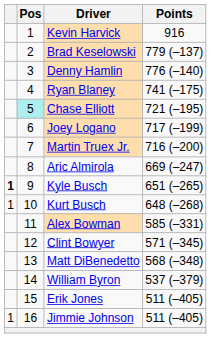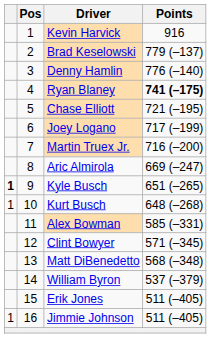 <table class="wikitable" style="font-size: 95%">
 <tr>
 <th></th>
 <th>Pos</th>
 <th>Driver</th>
 <th>Points</th>
 </tr>
 <tr>
 <td align="left"></td>
 <td style="text-align:center;">1</td>
 <td style="background:#FFDEAD;"><a href='#'>Kevin Harvick</a></td>
 <td style="text-align:center;">916</td>
 </tr>
 <tr>
 <td align="left"></td>
 <td style="text-align:center;">2</td>
 <td style="background:#FFDEAD;"><a href='#'>Brad Keselowski</a></td>
 <td style="text-align:center;">779 (–137)</td>
 </tr>
 <tr>
 <td align="left"></td>
 <td style="text-align:center;">3</td>
 <td style="background:#FFDEAD;"><a href='#'>Denny Hamlin</a></td>
 <td style="text-align:center;">776 (–140)</td>
 </tr>
 <tr>
 <td align="left"></td>
 <td style="text-align:center;">4</td>
 <td style="background:#FFDEAD;"><a href='#'>Ryan Blaney</a></td>
-<td style="text-align:center;">741 (–175)</td>
+<td style="text-align:center;"><strong>741 (–175)</strong></td>
 </tr>
 <tr>
 <td align="left"></td>
-<td style="background: paleturquoise; text-align:center;">5</td>
+<td style="text-align:center;">5</td>
 <td style="background:#FFDEAD;"><a href='#'>Chase Elliott</a></td>
 <td style="text-align:center;">721 (–195)</td>
 </tr>
 <tr>
 <td align="left"></td>
 <td style="text-align:center;">6</td>
 <td style="background:#FFDEAD;"><a href='#'>Joey Logano</a></td>
 <td style="text-align:center;">717 (–199)</td>
 </tr>
 <tr>
 <td align="left"></td>
 <td style="text-align:center;">7</td>
 <td style="background:#FFDEAD;"><a href='#'>Martin Truex Jr.</a></td>
 <td style="text-align:center;">716 (–200)</td>
 </tr>
 <tr>
 <td align="left"></td>
 <td style="text-align:center;">8</td>
 <td><a href='#'>Aric Almirola</a></td>
 <td style="text-align:center;">669 (–247)</td>
 </tr>
 <tr>
 <td align="left"><strong> 1</strong></td>
 <td style="text-align:center;">9</td>
 <td><a href='#'>Kyle Busch</a></td>
 <td style="text-align:center;">651 (–265)</td>
 </tr>
 <tr>
 <td align="left"> 1</td>
 <td style="text-align:center;">10</td>
 <td><a href='#'>Kurt Busch</a></td>
 <td style="text-align:center;">648 (–268)</td>
 </tr>
 <tr>
 <td align="left"></td>
 <td style="text-align:center;">11</td>
 <td style="background:#FFDEAD;"><a href='#'>Alex Bowman</a></td>
 <td style="text-align:center;">585 (–331)</td>
 </tr>
 <tr>
 <td align="left"></td>
 <td style="text-align:center;">12</td>
 <td><a href='#'>Clint Bowyer</a></td>
 <td style="text-align:center;">571 (–345)</td>
 </tr>
 <tr>
 <td align="left"></td>
 <td style="text-align:center;">13</td>
 <td><a href='#'>Matt DiBenedetto</a></td>
 <td style="text-align:center;">568 (–348)</td>
 </tr>
 <tr>
 <td align="left"></td>
 <td style="text-align:center;">14</td>
 <td><a href='#'>William Byron</a></td>
 <td style="text-align:center;">537 (–379)</td>
 </tr>
 <tr>
 <td align="left"></td>
 <td style="text-align:center;">15</td>
 <td><a href='#'>Erik Jones</a></td>
 <td style="text-align:center;">511 (–405)</td>
 </tr>
 <tr>
 <td align="left"> 1</td>
 <td style="text-align:center;">16</td>
 <td><a href='#'>Jimmie Johnson</a></td>
 <td style="text-align:center;">511 (–405)</td>
 </tr>
 <tr class="sortbottom">
 <th colspan="9"></th>
 </tr>
 </table>
